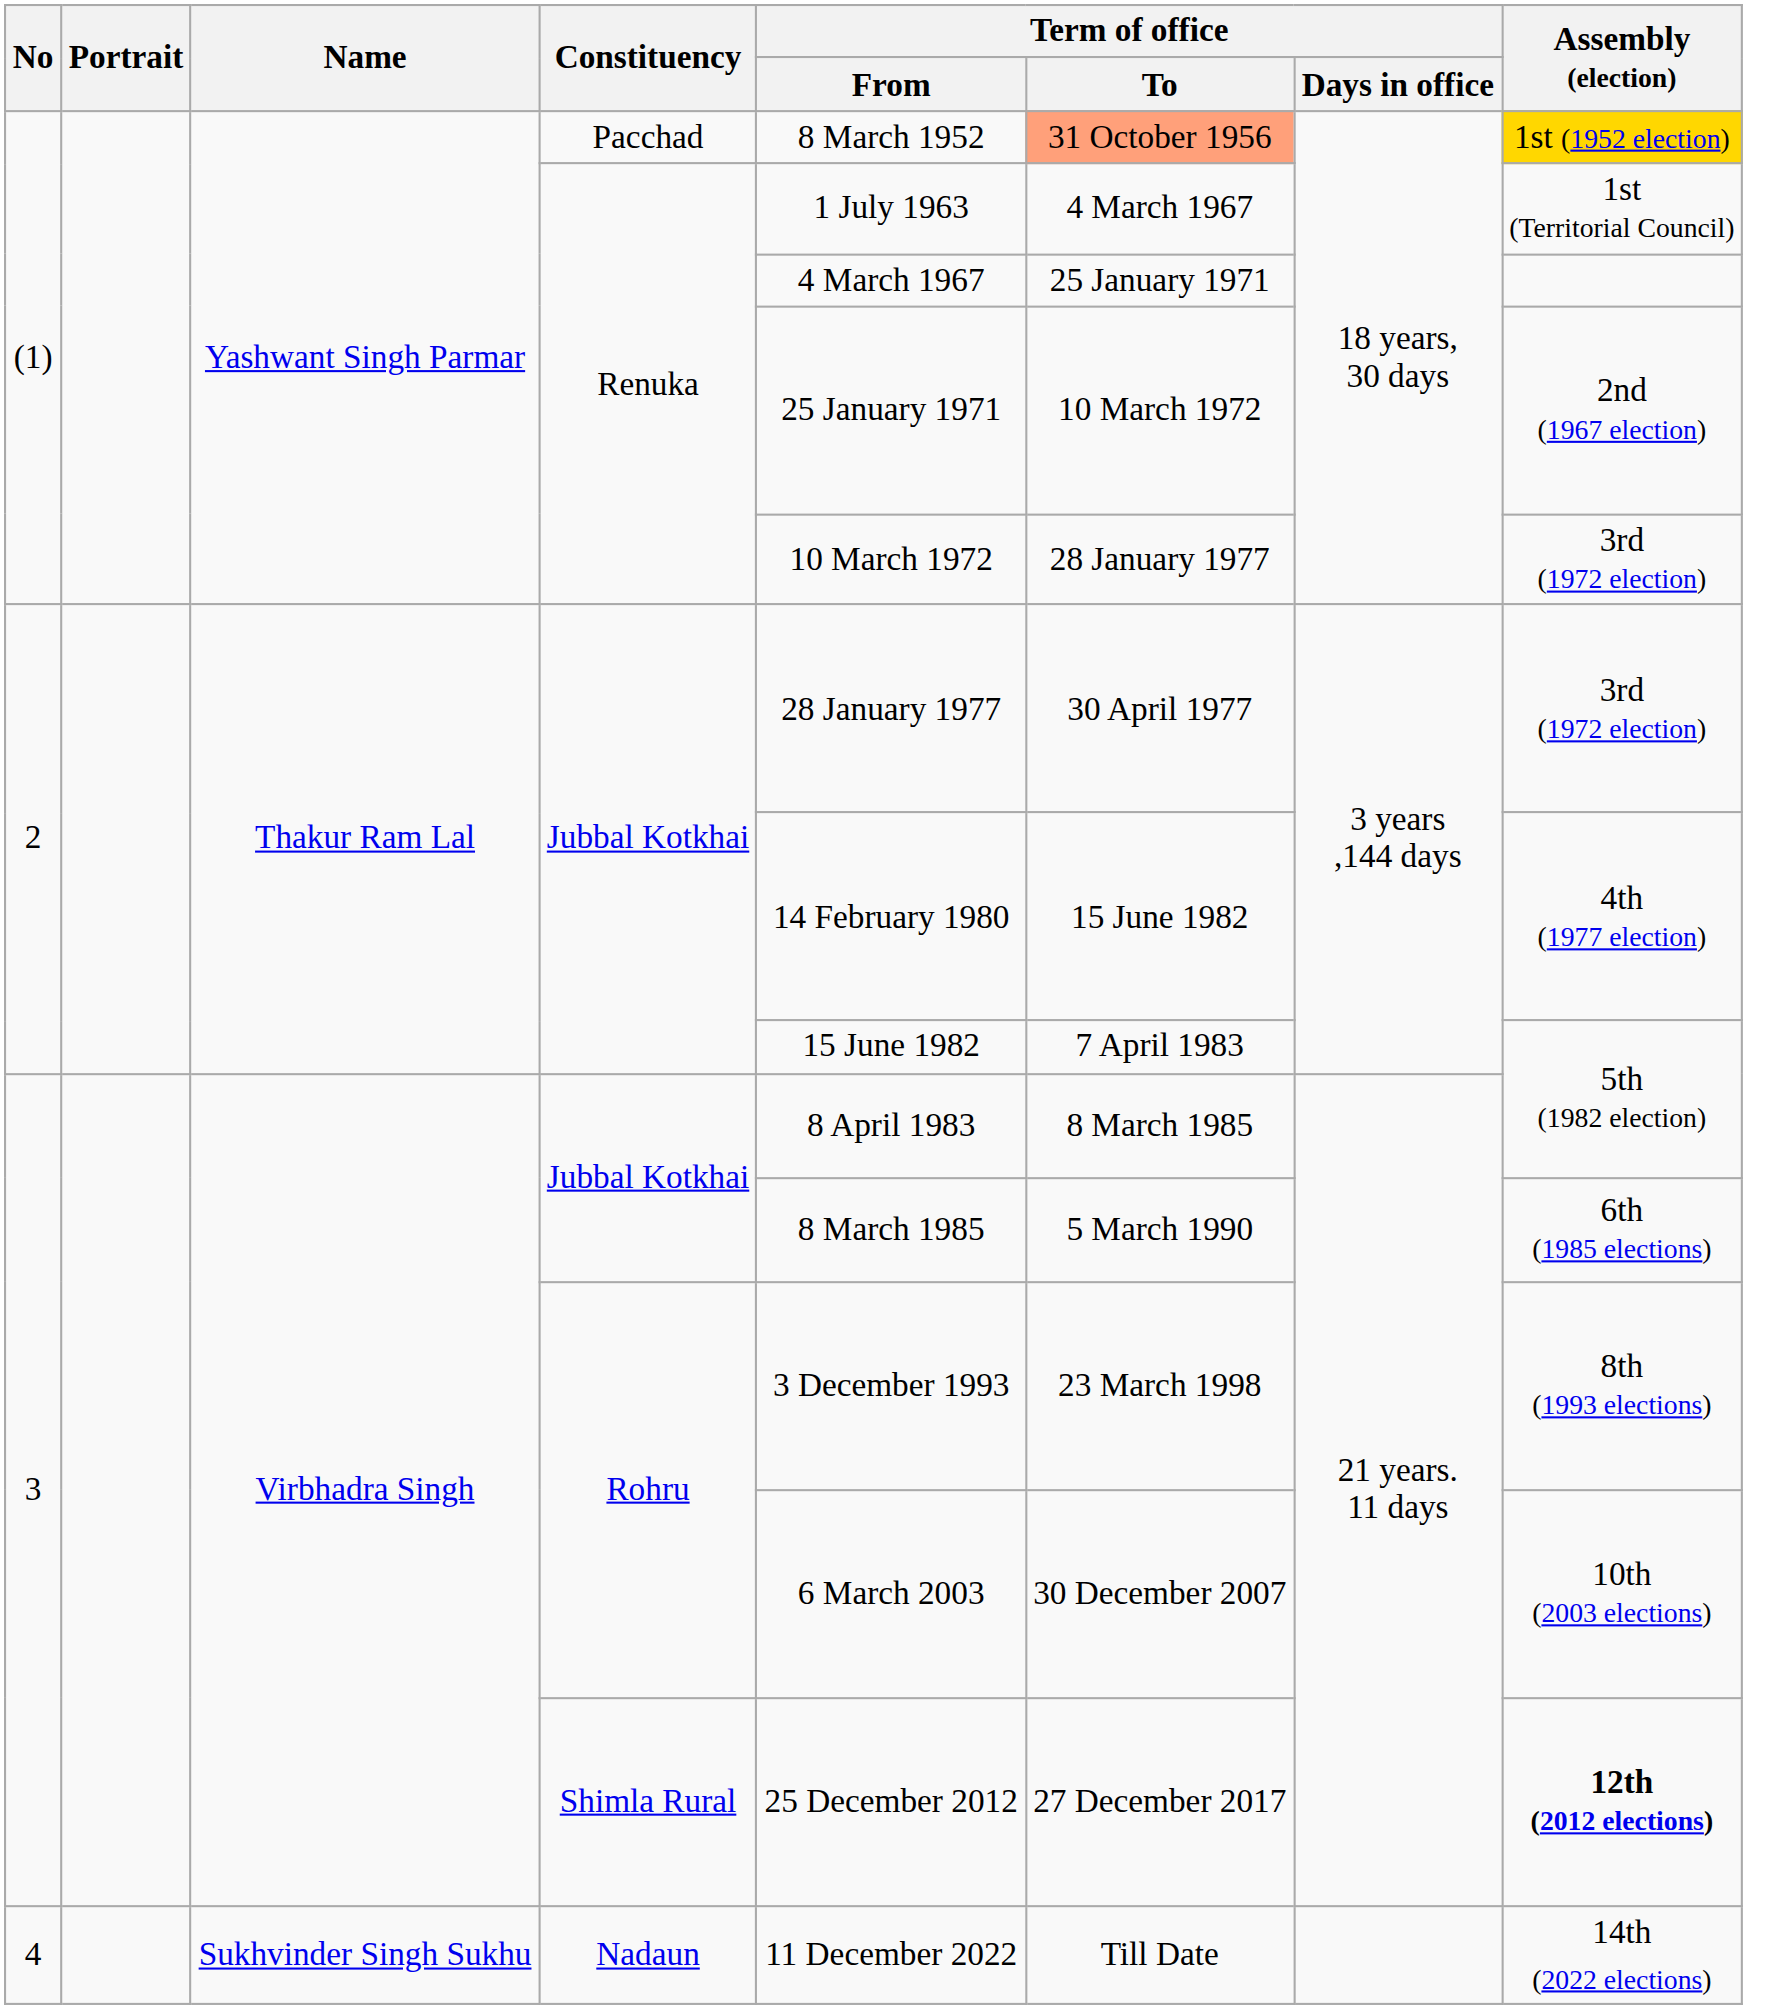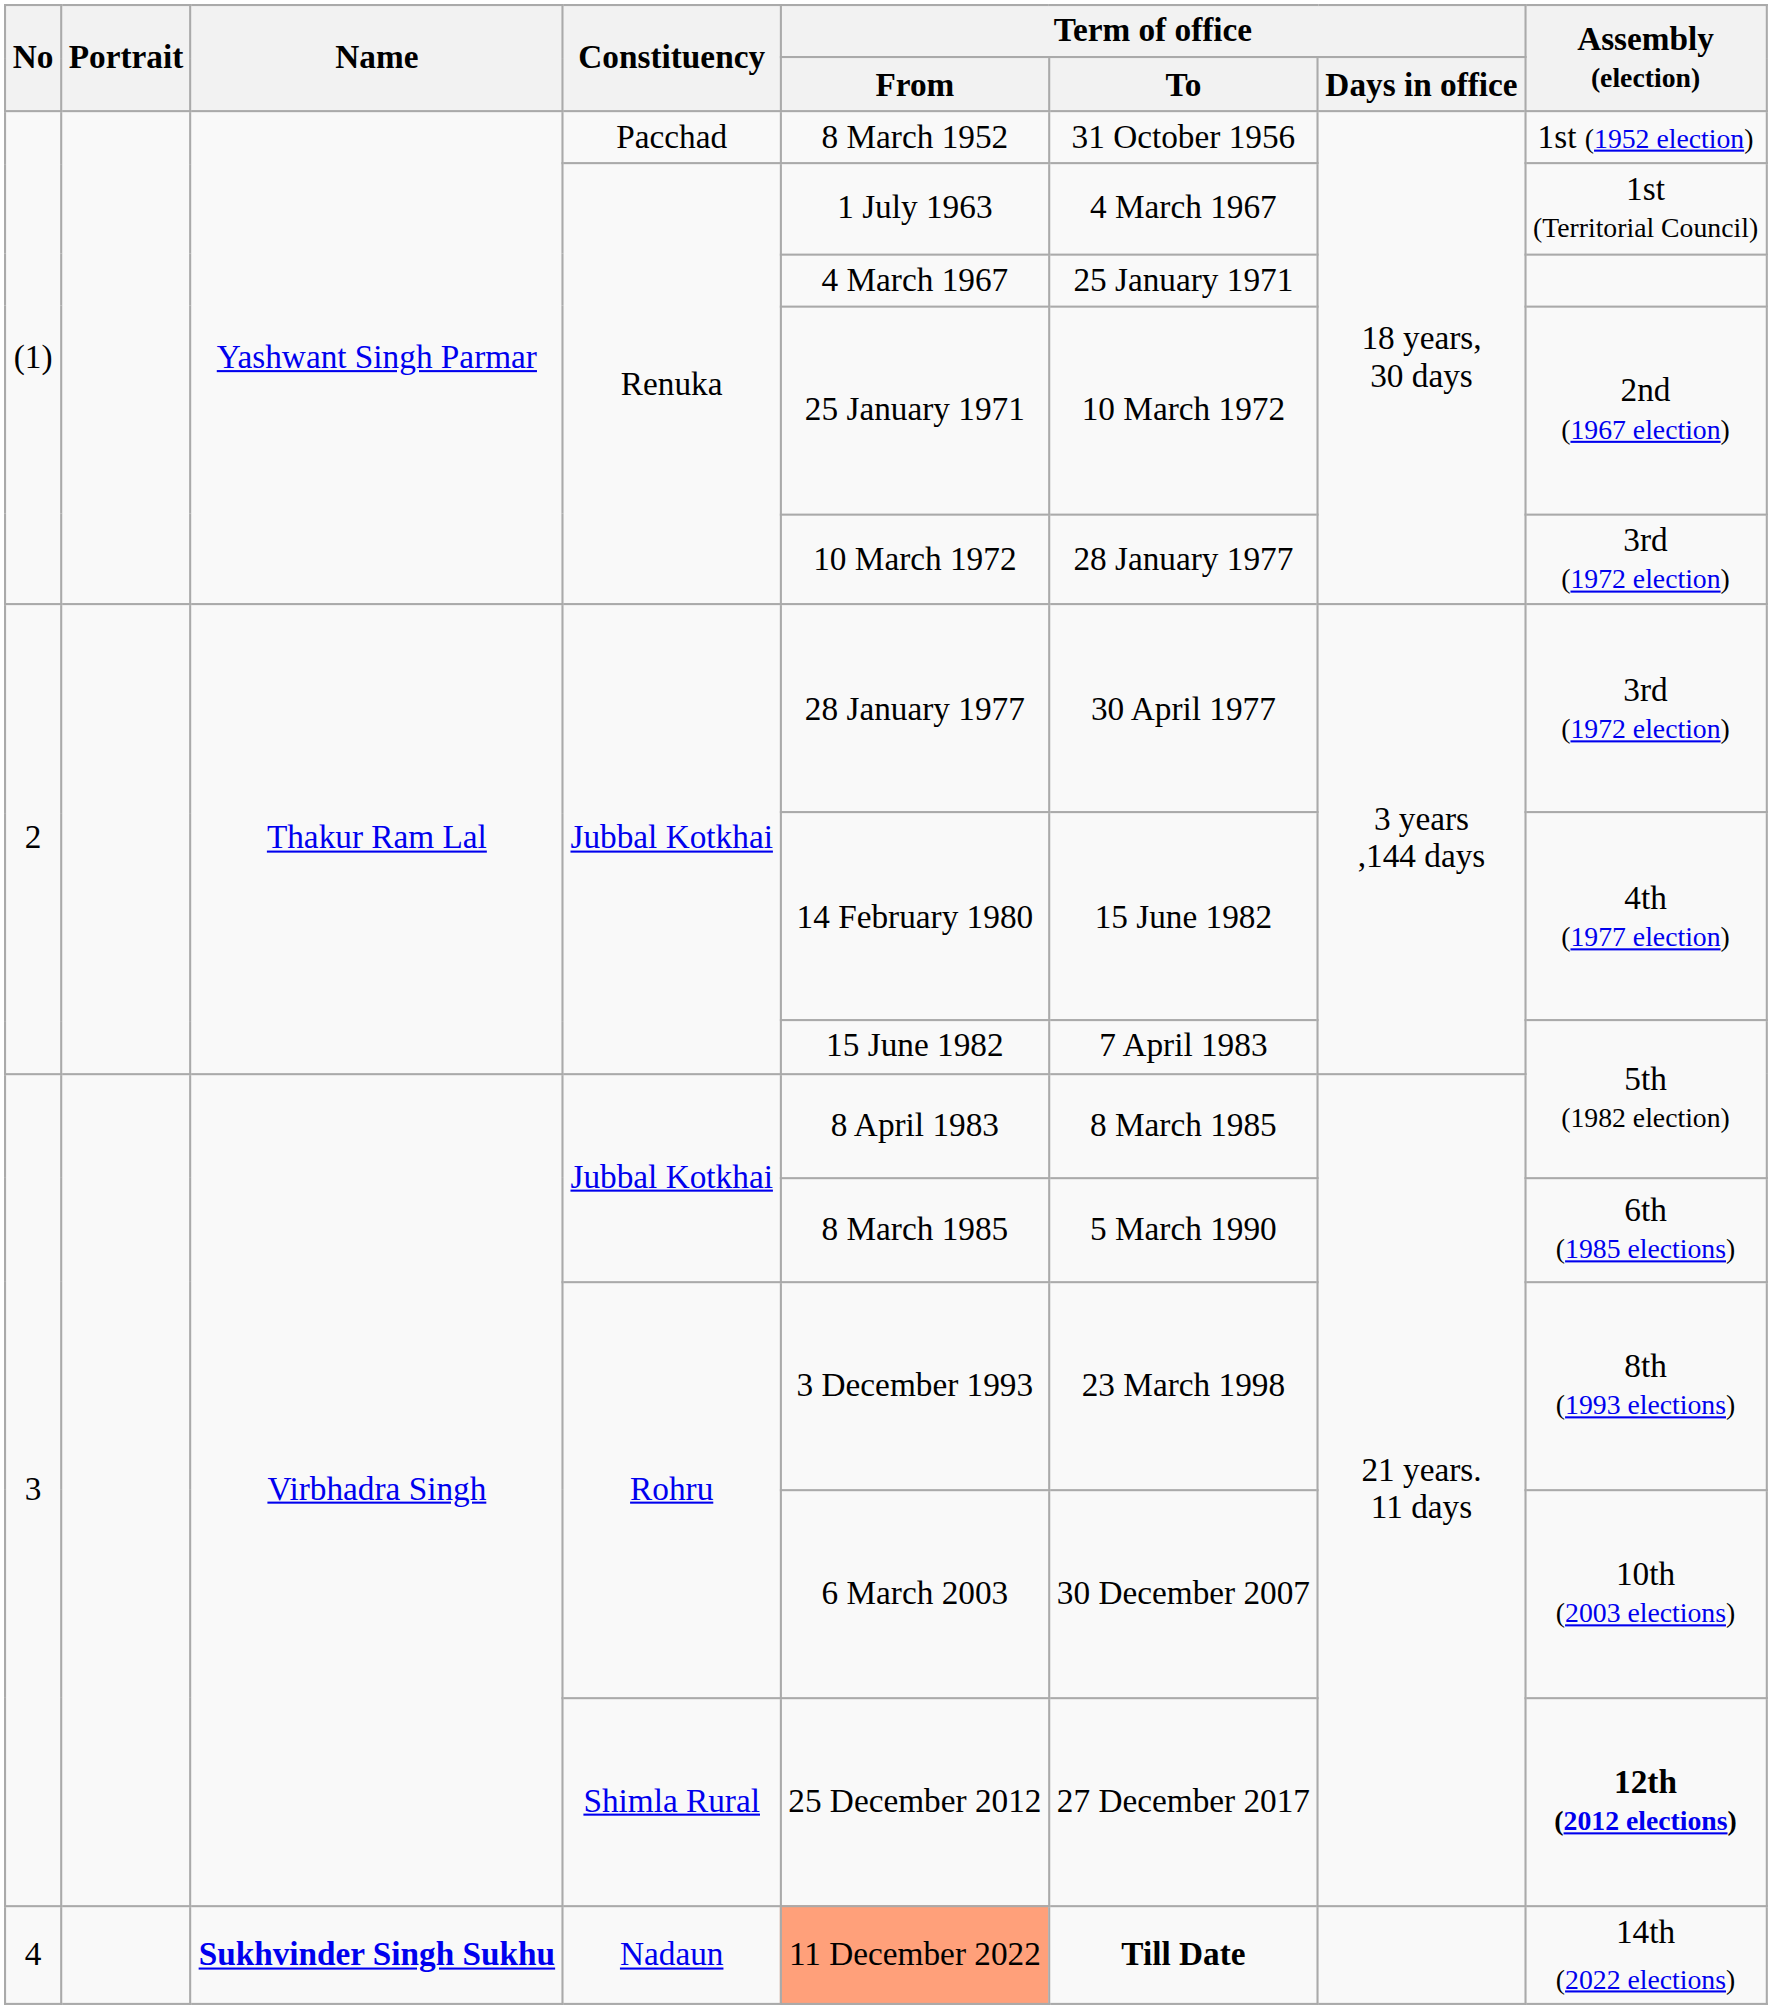 <table class="wikitable" style="text-align:center">
 <tr>
 <th rowspan="2">No</th>
 <th rowspan="2">Portrait</th>
 <th rowspan="2">Name</th>
 <th rowspan="2">Constituency</th>
 <th colspan="3">Term of office</th>
 <th rowspan="2">Assembly<br><small>(election)</small></th>
 </tr>
 <tr>
 <th>From</th>
 <th>To</th>
 <th>Days in office</th>
 </tr>
 <tr>
 <td rowspan="5">(1)</td>
 <td rowspan="5"></td>
 <td rowspan="5"><a href='#'>Yashwant Singh Parmar</a></td>
 <td>Pacchad</td>
 <td>8 March 1952</td>
-<td style="background: lightsalmon;">31 October 1956</td>
+<td>31 October 1956</td>
 <td rowspan="5">18 years,<br>30 days</td>
-<td style="background: gold;">1st <small>(<a href='#'>1952 election</a>)</small></td>
+<td>1st <small>(<a href='#'>1952 election</a>)</small></td>
 </tr>
 <tr>
 <td rowspan="4">Renuka</td>
 <td>1 July 1963</td>
 <td>4 March 1967</td>
 <td>1st<br><small>(Territorial Council)</small></td>
 </tr>
 <tr>
 <td>4 March 1967</td>
 <td>25 January 1971</td>
 <td></td>
 </tr>
 <tr align="center" style="height: 100px;">
 <td>25 January 1971</td>
 <td>10 March 1972</td>
 <td>2nd<br><small>(<a href='#'>1967 election</a>)</small></td>
 </tr>
 <tr>
 <td>10 March 1972</td>
 <td>28 January 1977</td>
 <td>3rd<br><small>(<a href='#'>1972 election</a>)</small></td>
 </tr>
 <tr align="center" style="height: 100px;">
 <td rowspan="3">2</td>
 <td rowspan="3"></td>
 <td rowspan="3"><a href='#'>Thakur Ram Lal</a></td>
 <td rowspan="3"><a href='#'>Jubbal Kotkhai</a></td>
 <td>28 January 1977</td>
 <td>30 April 1977</td>
 <td rowspan="3">3 years<br>,144 days</td>
 <td>3rd<br><small>(<a href='#'>1972 election</a>)</small></td>
 </tr>
 <tr align="center" style="height: 100px;">
 <td>14 February 1980</td>
 <td>15 June 1982</td>
 <td>4th<br><small>(<a href='#'>1977 election</a>)</small></td>
 </tr>
 <tr>
 <td>15 June 1982</td>
 <td>7 April 1983</td>
 <td rowspan="2">5th<br><small>(1982 election)</small></td>
 </tr>
 <tr align="center" style="height: 50px;">
 <td rowspan="5">3</td>
 <td rowspan="5"></td>
 <td rowspan="5"><a href='#'>Virbhadra Singh</a></td>
 <td rowspan="2"><a href='#'>Jubbal Kotkhai</a></td>
 <td>8 April 1983</td>
 <td>8 March 1985</td>
 <td rowspan="5">21 years.<br>11 days</td>
 </tr>
 <tr align="center" style="height: 50px;">
 <td>8 March 1985</td>
 <td>5 March 1990</td>
 <td>6th<br><small>(<a href='#'>1985 elections</a>)</small></td>
 </tr>
 <tr align="center" style="height: 100px;">
 <td rowspan="2"><a href='#'>Rohru</a></td>
 <td>3 December 1993</td>
 <td>23 March 1998</td>
 <td>8th<br><small>(<a href='#'>1993 elections</a>)</small></td>
 </tr>
 <tr align="center" style="height: 100px;">
 <td>6 March 2003</td>
 <td>30 December 2007</td>
 <td>10th<br><small>(<a href='#'>2003 elections</a>)</small></td>
 </tr>
 <tr align="center" style="height: 100px;">
 <td><a href='#'>Shimla Rural</a></td>
 <td>25 December 2012</td>
 <td>27 December 2017</td>
 <td><strong>12th<br><small>(<a href='#'>2012 elections</a>)</small></strong></td>
 </tr>
 <tr>
 <td>4</td>
 <td></td>
-<td><a href='#'>Sukhvinder Singh Sukhu</a></td>
+<td><strong><a href='#'>Sukhvinder Singh Sukhu</a></strong></td>
 <td><a href='#'>Nadaun</a></td>
-<td>11 December 2022</td>
-<td>Till Date</td>
+<td style="background: lightsalmon;">11 December 2022</td>
+<td><strong>Till Date</strong></td>
 <td></td>
 <td>14th<br><sub>(<a href='#'>2022 elections</a>)</sub></td>
 </tr>
 </table>
